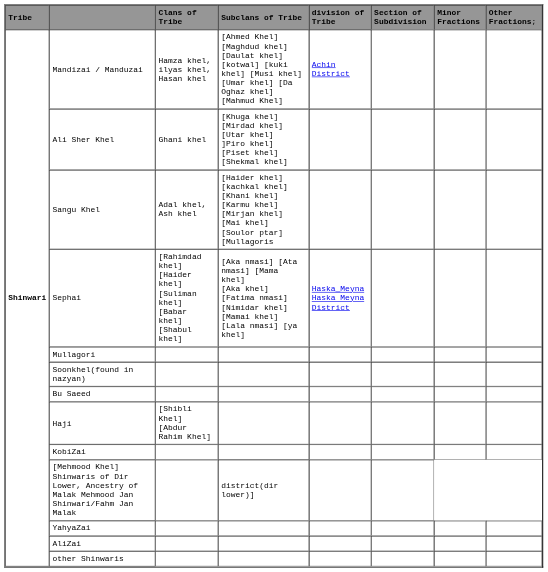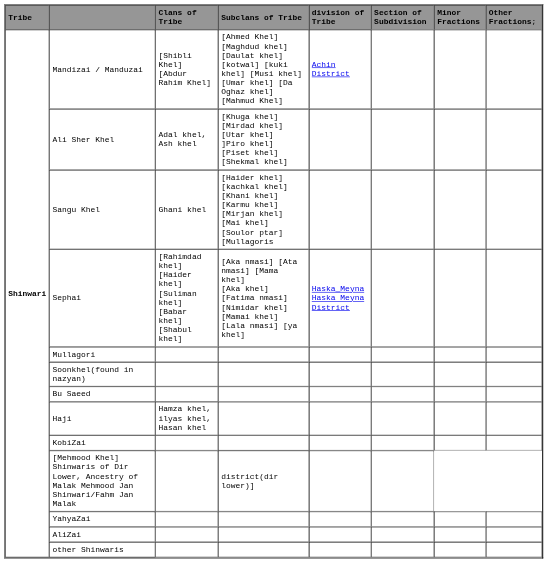 <table border="2" cellspacing="0" cellpadding="4" style="width:100%;">
 <tr style="background:#969696;">
 <td><strong>Tribe </strong></td>
 <td></td>
 <td><strong>Clans of Tribe </strong></td>
 <td><strong>Subclans of Tribe </strong></td>
 <td><strong>division of Tribe </strong></td>
 <td><strong>Section of Subdivision </strong></td>
 <td><strong>Minor Fractions </strong></td>
 <td><strong>Other Fractions</strong>;</td>
 </tr>
 <tr>
 <td rowspan="13"><strong>Shinwari</strong></td>
 <td>Mandizai / Manduzai</td>
-<td>Hamza khel,<br>ilyas khel,  Hasan khel</td>
+<td>[Shibli Khel] [Abdur Rahim Khel]</td>
 <td>[Ahmed Khel][Maghdud khel] [Daulat khel]<br>[kotwal] [kuki khel] [Musi khel] [Umar khel] [Da Oghaz khel] [Mahmud Khel]</td>
 <td><a href='#'>Achin District</a></td>
 <td style="background:white;"> </td>
 <td style="background:white;"> </td>
 <td style="background:white;"> </td>
 </tr>
 <tr>
 <td>Ali Sher Khel</td>
-<td>Ghani khel</td>
+<td>Adal khel, Ash khel</td>
 <td>[Khuga khel] [Mirdad khel] [Utar khel]<br>]Piro khel] [Piset khel] [Shekmal khel]</td>
 <td style="background:white;"> </td>
 <td style="background:white;"> </td>
 <td style="background:white;"> </td>
 <td style="background:white;"> </td>
 </tr>
 <tr>
 <td>Sangu Khel</td>
-<td>Adal khel, Ash khel</td>
+<td>Ghani khel</td>
 <td>[Haider khel] [kachkal khel] [Khani khel]<br>[Karmu khel] [Mirjan khel] [Mai khel] [Soulor ptar] [Mullagoris</td>
 <td style="background:white;"> </td>
 <td style="background:white;"> </td>
 <td style="background:white;"> </td>
 <td style="background:white;"> </td>
 </tr>
 <tr>
 <td>Sephai</td>
 <td>[Rahimdad khel] [Haider khel]<br>[Suliman khel] [Babar khel] [Shabul khel]</td>
 <td>[Aka nmasi] [Ata nmasi] [Mama khel]<br>[Aka khel] [Fatima nmasi] [Nimidar khel] [Mamai khel] [Lala nmasi] [ya khel]</td>
 <td><a href='#'>Haska_Meyna</a><br><a href='#'>Haska Meyna District</a></td>
 <td style="background:white;"> </td>
 <td style="background:white;"> </td>
 <td style="background:white;"> </td>
 </tr>
 <tr>
 <td>Mullagori</td>
 <td style="background:white;"> </td>
 <td style="background:white;"> </td>
 <td style="background:white;"> </td>
 <td style="background:white;"> </td>
 <td style="background:white;"> </td>
 <td style="background:white;"> </td>
 </tr>
 <tr>
 <td>Soonkhel(found in nazyan)</td>
 <td style="background:white;"> </td>
 <td style="background:white;"> </td>
 <td style="background:white;"> </td>
 <td style="background:white;"> </td>
 <td style="background:white;"> </td>
 <td style="background:white;"> </td>
 </tr>
 <tr>
 <td>Bu Saeed</td>
 <td style="background:white;"> </td>
 <td style="background:white;"> </td>
 <td style="background:white;"> </td>
 <td style="background:white;"> </td>
 <td style="background:white;"> </td>
 <td style="background:white;"> </td>
 </tr>
 <tr>
 <td>Haji</td>
-<td>[Shibli Khel] [Abdur Rahim Khel]</td>
+<td>Hamza khel,<br>ilyas khel,  Hasan khel</td>
 <td style="background:white;"> </td>
 <td style="background:white;"> </td>
 <td style="background:white;"> </td>
 <td style="background:white;"> </td>
 <td style="background:white;"> </td>
 </tr>
 <tr>
 <td>KobiZai</td>
 <td style="background:white;"> </td>
 <td style="background:white;"> </td>
 <td style="background:white;"> </td>
 <td style="background:white;"> </td>
 <td style="background:white;"> </td>
 <td style="background:white;"> </td>
 </tr>
 <tr>
 <td>[Mehmood Khel] Shinwaris of Dir Lower, Ancestry of Malak Mehmood Jan Shinwari/Fahm Jan Malak</td>
 <td style="background:white;"> </td>
 <td>district(dir lower)]</td>
 <td style="background:white;"> </td>
 <td style="background:white;"> </td>
 </tr>
 <tr>
 <td>YahyaZai</td>
 <td style="background:white;"> </td>
 <td style="background:white;"> </td>
 <td style="background:white;"> </td>
 <td style="background:white;"> </td>
 <td style="background:white;"> </td>
 <td style="background:white;"> </td>
 </tr>
 <tr>
 <td>AliZai</td>
 <td style="background:white;"> </td>
 <td style="background:white;"> </td>
 <td style="background:white;"> </td>
 <td style="background:white;"> </td>
 <td style="background:white;"> </td>
 <td style="background:white;"> </td>
 </tr>
 <tr>
 <td>other Shinwaris</td>
 <td style="background:white;"> </td>
 <td style="background:white;"> </td>
 <td style="background:white;"> </td>
 <td style="background:white;"> </td>
 <td style="background:white;"> </td>
 <td style="background:white;"> </td>
 </tr>
 </table>
